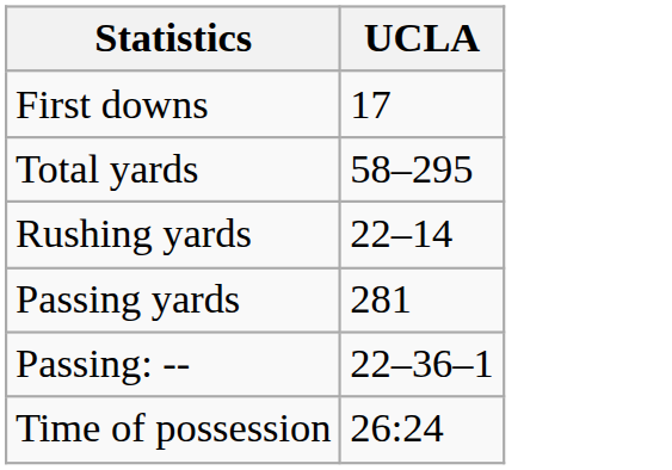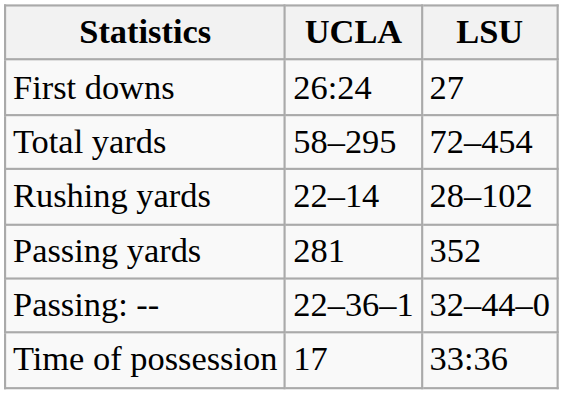 <table class="wikitable" style="float: left;">
 <tr>
 <th>Statistics</th>
 <th>UCLA</th>
+<th>LSU</th>
 </tr>
 <tr>
 <td>First downs</td>
-<td>17</td>
+<td>26:24</td>
+<td>27</td>
 </tr>
 <tr>
 <td>Total yards</td>
 <td>58–295</td>
+<td>72–454</td>
 </tr>
 <tr>
 <td>Rushing yards</td>
 <td>22–14</td>
+<td>28–102</td>
 </tr>
 <tr>
 <td>Passing yards</td>
 <td>281</td>
+<td>352</td>
 </tr>
 <tr>
 <td>Passing: --</td>
 <td>22–36–1</td>
+<td>32–44–0</td>
 </tr>
 <tr>
 <td>Time of possession</td>
-<td>26:24</td>
+<td>17</td>
+<td>33:36</td>
 </tr>
 </table>
